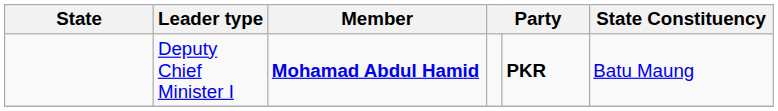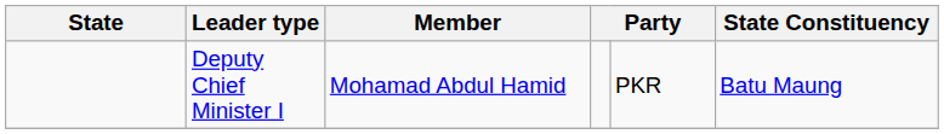 <table class ="wikitable sortable">
 <tr>
 <th style="width:120px;">State</th>
 <th style="width:90px;">Leader type</th>
 <th style="width:180px;">Member</th>
 <th style="width:80px;" colspan=2>Party</th>
 <th style="width:150px;">State Constituency</th>
 </tr>
 <tr>
 <td></td>
 <td><a href='#'>Deputy Chief Minister I</a></td>
-<td><strong><a href='#'>Mohamad Abdul Hamid</a></strong></td>
+<td><a href='#'>Mohamad Abdul Hamid</a></td>
 <td></td>
-<td><strong>PKR</strong></td>
+<td>PKR</td>
 <td><a href='#'>Batu Maung</a></td>
 </tr>
 <tr>
 </tr>
 </table>
